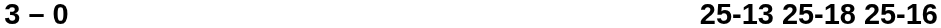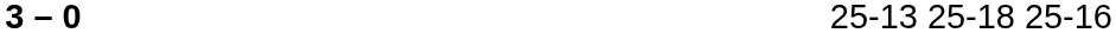 <table width=100% cellspacing=1>
 <tr>
 <th width=20%></th>
 <th width=12%></th>
 <th width=20%></th>
 <th width=33%></th>
 <td></td>
 </tr>
 <tr style=font-size:90%>
 <td align=right><strong></strong></td>
 <td align=center><strong>3 – 0</strong></td>
 <td></td>
-<td><strong>25-13 25-18 25-16</strong></td>
+<td>25-13 25-18 25-16</td>
 </tr>
 </table>
